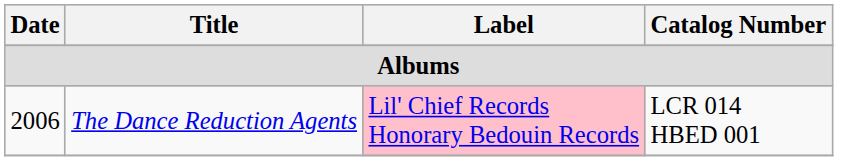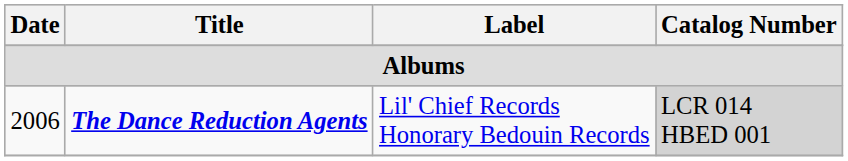 <table class="wikitable" style="font-size: 95%;">
 <tr>
 <th>Date</th>
 <th>Title</th>
 <th>Label</th>
 <th>Catalog Number</th>
 </tr>
 <tr>
 </tr>
 <tr bgcolor="#DDDDDD">
 <td colspan=7 align=center><strong>Albums</strong></td>
 </tr>
 <tr>
 <td align="left" valign="center">2006</td>
-<td align="left" valign="center"><em><a href='#'>The Dance Reduction Agents</a></em></td>
-<td align="left" valign="center" style="background: pink;"><a href='#'>Lil' Chief Records</a><br> <a href='#'>Honorary Bedouin Records</a></td>
-<td align="left" valign="center">LCR 014<br> HBED 001</td>
+<td align="left" valign="center"><strong><em><a href='#'>The Dance Reduction Agents</a></em></strong></td>
+<td align="left" valign="center"><a href='#'>Lil' Chief Records</a><br> <a href='#'>Honorary Bedouin Records</a></td>
+<td align="left" valign="center" style="background: lightgrey;">LCR 014<br> HBED 001</td>
 </tr>
 <tr>
 </tr>
 </table>
